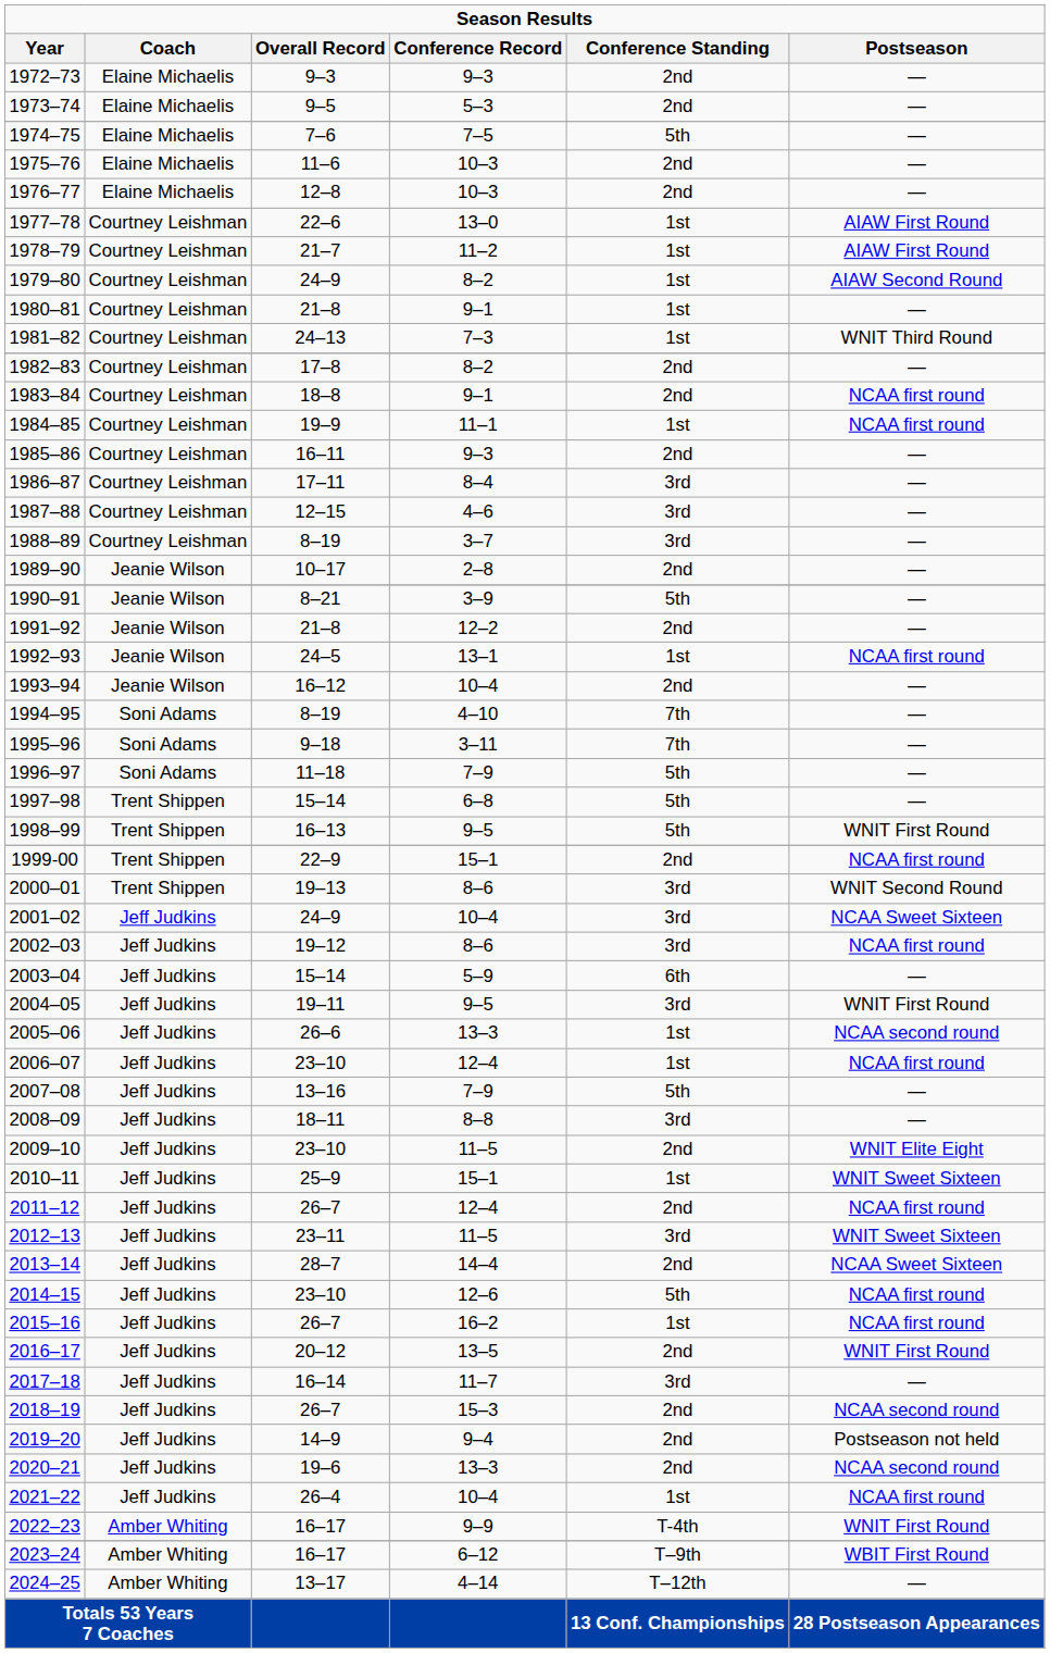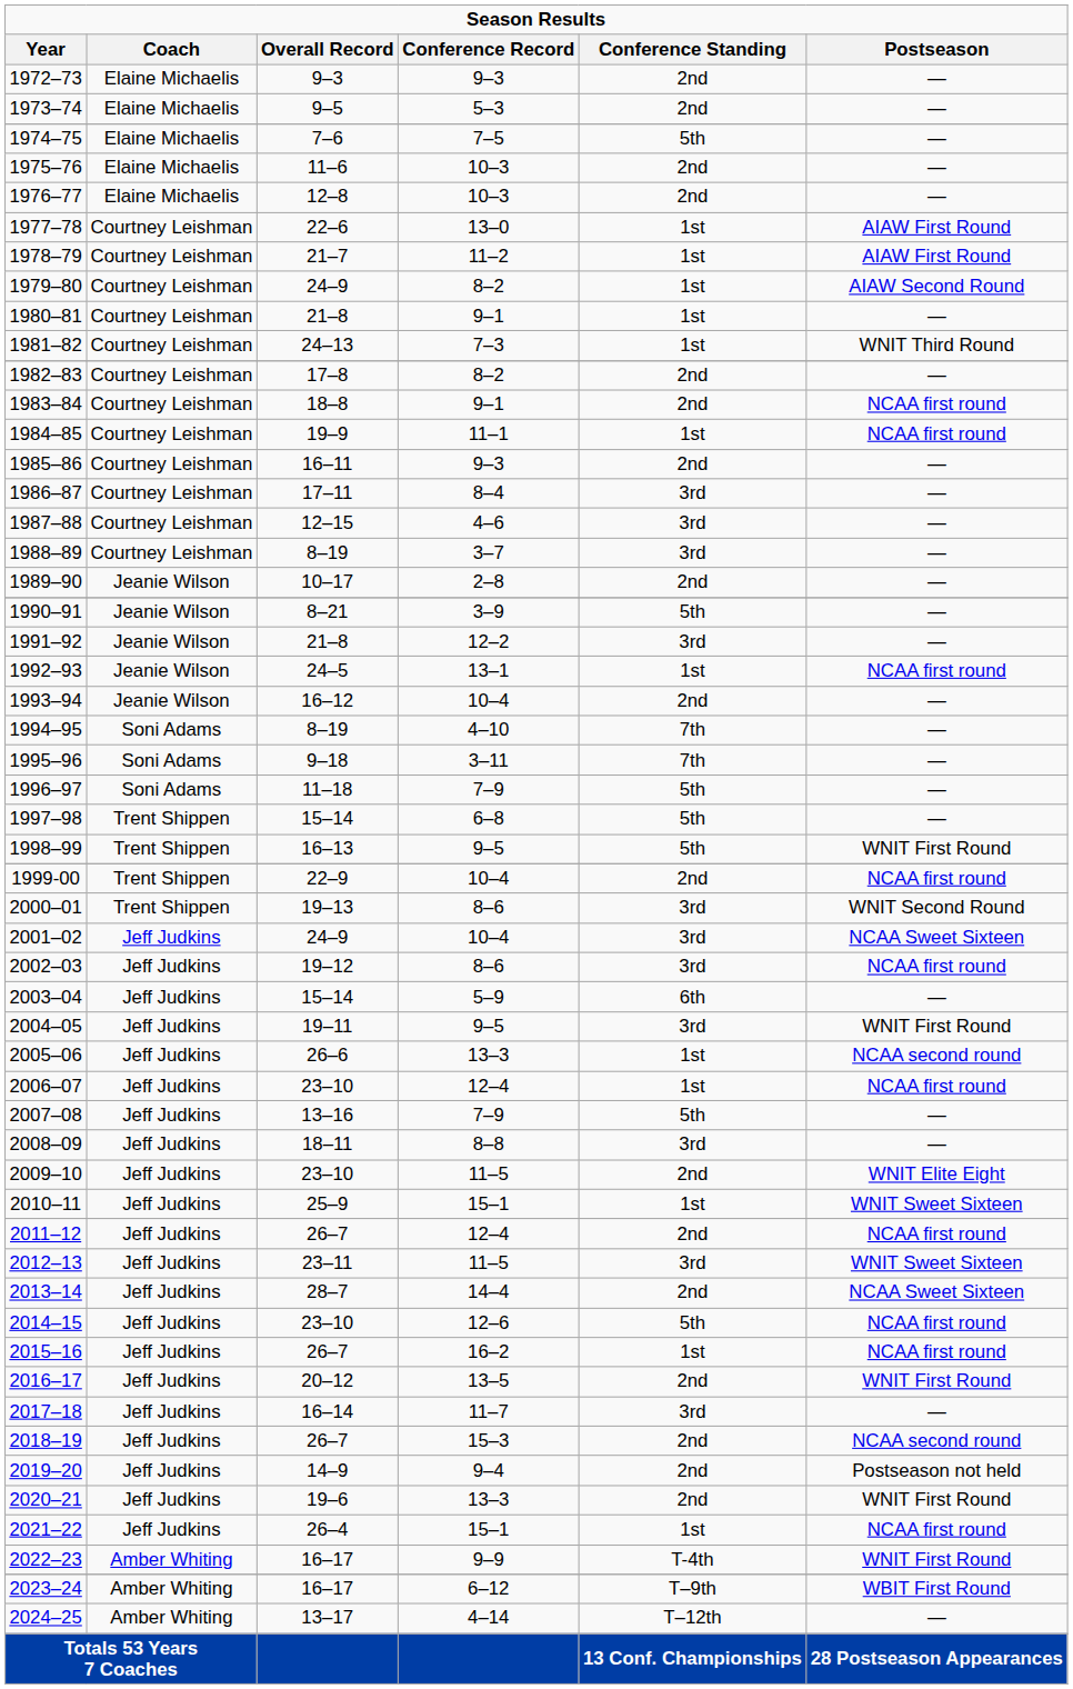 <table class="wikitable sortable" style="text-align:center">
 <tr>
 <td colspan="6"><strong>Season Results</strong></td>
 </tr>
 <tr>
 <th>Year</th>
 <th>Coach</th>
 <th>Overall Record</th>
 <th>Conference Record</th>
 <th>Conference Standing</th>
 <th>Postseason</th>
 </tr>
 <tr>
 <td>1972–73</td>
 <td>Elaine Michaelis</td>
 <td>9–3</td>
 <td>9–3</td>
 <td>2nd</td>
 <td>—</td>
 </tr>
 <tr>
 <td>1973–74</td>
 <td>Elaine Michaelis</td>
 <td>9–5</td>
 <td>5–3</td>
 <td>2nd</td>
 <td>—</td>
 </tr>
 <tr>
 </tr>
 <tr>
 <td>1974–75</td>
 <td>Elaine Michaelis</td>
 <td>7–6</td>
 <td>7–5</td>
 <td>5th</td>
 <td>—</td>
 </tr>
 <tr>
 <td>1975–76</td>
 <td>Elaine Michaelis</td>
 <td>11–6</td>
 <td>10–3</td>
 <td>2nd</td>
 <td>—</td>
 </tr>
 <tr>
 <td>1976–77</td>
 <td>Elaine Michaelis</td>
 <td>12–8</td>
 <td>10–3</td>
 <td>2nd</td>
 <td>—</td>
 </tr>
 <tr>
 <td>1977–78</td>
 <td>Courtney Leishman</td>
 <td>22–6</td>
 <td>13–0</td>
 <td>1st</td>
 <td><a href='#'>AIAW First Round</a></td>
 </tr>
 <tr>
 <td>1978–79</td>
 <td>Courtney Leishman</td>
 <td>21–7</td>
 <td>11–2</td>
 <td>1st</td>
 <td><a href='#'>AIAW First Round</a></td>
 </tr>
 <tr>
 <td>1979–80</td>
 <td>Courtney Leishman</td>
 <td>24–9</td>
 <td>8–2</td>
 <td>1st</td>
 <td><a href='#'>AIAW Second Round</a></td>
 </tr>
 <tr>
 <td>1980–81</td>
 <td>Courtney Leishman</td>
 <td>21–8</td>
 <td>9–1</td>
 <td>1st</td>
 <td>—</td>
 </tr>
 <tr>
 <td>1981–82</td>
 <td>Courtney Leishman</td>
 <td>24–13</td>
 <td>7–3</td>
 <td>1st</td>
 <td>WNIT Third Round</td>
 </tr>
 <tr>
 </tr>
 <tr>
 <td>1982–83</td>
 <td>Courtney Leishman</td>
 <td>17–8</td>
 <td>8–2</td>
 <td>2nd</td>
 <td>—</td>
 </tr>
 <tr>
 <td>1983–84</td>
 <td>Courtney Leishman</td>
 <td>18–8</td>
 <td>9–1</td>
 <td>2nd</td>
 <td><a href='#'>NCAA first round</a></td>
 </tr>
 <tr>
 <td>1984–85</td>
 <td>Courtney Leishman</td>
 <td>19–9</td>
 <td>11–1</td>
 <td>1st</td>
 <td><a href='#'>NCAA first round</a></td>
 </tr>
 <tr>
 <td>1985–86</td>
 <td>Courtney Leishman</td>
 <td>16–11</td>
 <td>9–3</td>
 <td>2nd</td>
 <td>—</td>
 </tr>
 <tr>
 <td>1986–87</td>
 <td>Courtney Leishman</td>
 <td>17–11</td>
 <td>8–4</td>
 <td>3rd</td>
 <td>—</td>
 </tr>
 <tr>
 <td>1987–88</td>
 <td>Courtney Leishman</td>
 <td>12–15</td>
 <td>4–6</td>
 <td>3rd</td>
 <td>—</td>
 </tr>
 <tr>
 <td>1988–89</td>
 <td>Courtney Leishman</td>
 <td>8–19</td>
 <td>3–7</td>
 <td>3rd</td>
 <td>—</td>
 </tr>
 <tr>
 <td>1989–90</td>
 <td>Jeanie Wilson</td>
 <td>10–17</td>
 <td>2–8</td>
 <td>2nd</td>
 <td>—</td>
 </tr>
 <tr>
 </tr>
 <tr>
 <td>1990–91</td>
 <td>Jeanie Wilson</td>
 <td>8–21</td>
 <td>3–9</td>
 <td>5th</td>
 <td>—</td>
 </tr>
 <tr>
 <td>1991–92</td>
 <td>Jeanie Wilson</td>
 <td>21–8</td>
 <td>12–2</td>
-<td>2nd</td>
+<td>3rd</td>
 <td>—</td>
 </tr>
 <tr>
 <td>1992–93</td>
 <td>Jeanie Wilson</td>
 <td>24–5</td>
 <td>13–1</td>
 <td>1st</td>
 <td><a href='#'>NCAA first round</a></td>
 </tr>
 <tr>
 <td>1993–94</td>
 <td>Jeanie Wilson</td>
 <td>16–12</td>
 <td>10–4</td>
 <td>2nd</td>
 <td>—</td>
 </tr>
 <tr>
 <td>1994–95</td>
 <td>Soni Adams</td>
 <td>8–19</td>
 <td>4–10</td>
 <td>7th</td>
 <td>—</td>
 </tr>
 <tr>
 <td>1995–96</td>
 <td>Soni Adams</td>
 <td>9–18</td>
 <td>3–11</td>
 <td>7th</td>
 <td>—</td>
 </tr>
 <tr>
 <td>1996–97</td>
 <td>Soni Adams</td>
 <td>11–18</td>
 <td>7–9</td>
 <td>5th</td>
 <td>—</td>
 </tr>
 <tr>
 <td>1997–98</td>
 <td>Trent Shippen</td>
 <td>15–14</td>
 <td>6–8</td>
 <td>5th</td>
 <td>—</td>
 </tr>
 <tr>
 <td>1998–99</td>
 <td>Trent Shippen</td>
 <td>16–13</td>
 <td>9–5</td>
 <td>5th</td>
 <td>WNIT First Round</td>
 </tr>
 <tr>
 </tr>
 <tr>
 <td>1999-00</td>
 <td>Trent Shippen</td>
 <td>22–9</td>
-<td>15–1</td>
+<td>10–4</td>
 <td>2nd</td>
 <td><a href='#'>NCAA first round</a></td>
 </tr>
 <tr>
 <td>2000–01</td>
 <td>Trent Shippen</td>
 <td>19–13</td>
 <td>8–6</td>
 <td>3rd</td>
 <td>WNIT Second Round</td>
 </tr>
 <tr>
 <td>2001–02</td>
 <td><a href='#'>Jeff Judkins</a></td>
 <td>24–9</td>
 <td>10–4</td>
 <td>3rd</td>
 <td><a href='#'>NCAA Sweet Sixteen</a></td>
 </tr>
 <tr>
 <td>2002–03</td>
 <td>Jeff Judkins</td>
 <td>19–12</td>
 <td>8–6</td>
 <td>3rd</td>
 <td><a href='#'>NCAA first round</a></td>
 </tr>
 <tr>
 <td>2003–04</td>
 <td>Jeff Judkins</td>
 <td>15–14</td>
 <td>5–9</td>
 <td>6th</td>
 <td>—</td>
 </tr>
 <tr>
 <td>2004–05</td>
 <td>Jeff Judkins</td>
 <td>19–11</td>
 <td>9–5</td>
 <td>3rd</td>
 <td>WNIT First Round</td>
 </tr>
 <tr>
 <td>2005–06</td>
 <td>Jeff Judkins</td>
 <td>26–6</td>
 <td>13–3</td>
 <td>1st</td>
 <td><a href='#'>NCAA second round</a></td>
 </tr>
 <tr>
 <td>2006–07</td>
 <td>Jeff Judkins</td>
 <td>23–10</td>
 <td>12–4</td>
 <td>1st</td>
 <td><a href='#'>NCAA first round</a></td>
 </tr>
 <tr>
 <td>2007–08</td>
 <td>Jeff Judkins</td>
 <td>13–16</td>
 <td>7–9</td>
 <td>5th</td>
 <td>—</td>
 </tr>
 <tr>
 <td>2008–09</td>
 <td>Jeff Judkins</td>
 <td>18–11</td>
 <td>8–8</td>
 <td>3rd</td>
 <td>—</td>
 </tr>
 <tr>
 <td>2009–10</td>
 <td>Jeff Judkins</td>
 <td>23–10</td>
 <td>11–5</td>
 <td>2nd</td>
 <td><a href='#'>WNIT Elite Eight</a></td>
 </tr>
 <tr>
 <td>2010–11</td>
 <td>Jeff Judkins</td>
 <td>25–9</td>
 <td>15–1</td>
 <td>1st</td>
 <td><a href='#'>WNIT Sweet Sixteen</a></td>
 </tr>
 <tr>
 </tr>
 <tr>
 <td><a href='#'>2011–12</a></td>
 <td>Jeff Judkins</td>
 <td>26–7</td>
 <td>12–4</td>
 <td>2nd</td>
 <td><a href='#'>NCAA first round</a></td>
 </tr>
 <tr>
 <td><a href='#'>2012–13</a></td>
 <td>Jeff Judkins</td>
 <td>23–11</td>
 <td>11–5</td>
 <td>3rd</td>
 <td><a href='#'>WNIT Sweet Sixteen</a></td>
 </tr>
 <tr>
 <td><a href='#'>2013–14</a></td>
 <td>Jeff Judkins</td>
 <td>28–7</td>
 <td>14–4</td>
 <td>2nd</td>
 <td><a href='#'>NCAA Sweet Sixteen</a></td>
 </tr>
 <tr>
 <td><a href='#'>2014–15</a></td>
 <td>Jeff Judkins</td>
 <td>23–10</td>
 <td>12–6</td>
 <td>5th</td>
 <td><a href='#'>NCAA first round</a></td>
 </tr>
 <tr>
 <td><a href='#'>2015–16</a></td>
 <td>Jeff Judkins</td>
 <td>26–7</td>
 <td>16–2</td>
 <td>1st</td>
 <td><a href='#'>NCAA first round</a></td>
 </tr>
 <tr>
 <td><a href='#'>2016–17</a></td>
 <td>Jeff Judkins</td>
 <td>20–12</td>
 <td>13–5</td>
 <td>2nd</td>
 <td><a href='#'>WNIT First Round</a></td>
 </tr>
 <tr>
 <td><a href='#'>2017–18</a></td>
 <td>Jeff Judkins</td>
 <td>16–14</td>
 <td>11–7</td>
 <td>3rd</td>
 <td>—</td>
 </tr>
 <tr>
 <td><a href='#'>2018–19</a></td>
 <td>Jeff Judkins</td>
 <td>26–7</td>
 <td>15–3</td>
 <td>2nd</td>
 <td><a href='#'>NCAA second round</a></td>
 </tr>
 <tr>
 <td><a href='#'>2019–20</a></td>
 <td>Jeff Judkins</td>
 <td>14–9</td>
 <td>9–4</td>
 <td>2nd</td>
 <td>Postseason not held</td>
 </tr>
 <tr>
 <td><a href='#'>2020–21</a></td>
 <td>Jeff Judkins</td>
 <td>19–6</td>
 <td>13–3</td>
 <td>2nd</td>
-<td><a href='#'>NCAA second round</a></td>
+<td>WNIT First Round</td>
 </tr>
 <tr>
 <td><a href='#'>2021–22</a></td>
 <td>Jeff Judkins</td>
 <td>26–4</td>
-<td>10–4</td>
+<td>15–1</td>
 <td>1st</td>
 <td><a href='#'>NCAA first round</a></td>
 </tr>
 <tr>
 <td><a href='#'>2022–23</a></td>
 <td><a href='#'>Amber Whiting</a></td>
 <td>16–17</td>
 <td>9–9</td>
 <td>T-4th</td>
 <td><a href='#'>WNIT First Round</a></td>
 </tr>
 <tr>
 </tr>
 <tr>
 <td><a href='#'>2023–24</a></td>
 <td>Amber Whiting</td>
 <td>16–17</td>
 <td>6–12</td>
 <td>T–9th</td>
 <td><a href='#'>WBIT First Round</a></td>
 </tr>
 <tr>
 <td><a href='#'>2024–25</a></td>
 <td>Amber Whiting</td>
 <td>13–17</td>
 <td>4–14</td>
 <td>T–12th</td>
 <td>—</td>
 </tr>
 <tr>
 </tr>
 <tr style="text-align:center; background:#003DA5; color:white;">
 <td colspan="2"><strong>Totals 53 Years<br>7 Coaches</strong></td>
 <td></td>
 <td></td>
 <td><strong>13 Conf. Championships</strong></td>
 <td><strong>28 Postseason Appearances</strong></td>
 </tr>
 <tr>
 </tr>
 </table>
